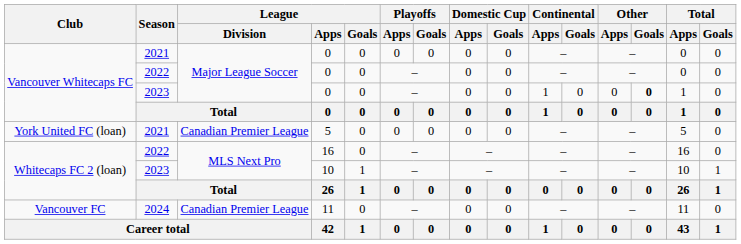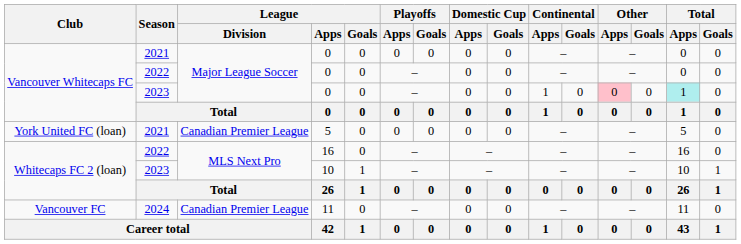 <table class="wikitable" style="text-align: center">
 <tr>
 <th rowspan="2">Club</th>
 <th rowspan="2">Season</th>
 <th colspan="3">League</th>
 <th colspan="2">Playoffs</th>
 <th colspan="2">Domestic Cup</th>
 <th colspan="2">Continental</th>
 <th colspan="2">Other</th>
 <th colspan="2">Total</th>
 </tr>
 <tr>
 <th>Division</th>
 <th>Apps</th>
 <th>Goals</th>
 <th>Apps</th>
 <th>Goals</th>
 <th>Apps</th>
 <th>Goals</th>
 <th>Apps</th>
 <th>Goals</th>
 <th>Apps</th>
 <th>Goals</th>
 <th>Apps</th>
 <th>Goals</th>
 </tr>
 <tr>
 <td rowspan=4><a href='#'>Vancouver Whitecaps FC</a></td>
 <td><a href='#'>2021</a></td>
 <td rowspan=3><a href='#'>Major League Soccer</a></td>
 <td>0</td>
 <td>0</td>
 <td>0</td>
 <td>0</td>
 <td>0</td>
 <td>0</td>
 <td colspan="2">–</td>
 <td colspan="2">–</td>
 <td>0</td>
 <td>0</td>
 </tr>
 <tr>
 <td><a href='#'>2022</a></td>
 <td>0</td>
 <td>0</td>
 <td colspan="2">–</td>
 <td>0</td>
 <td>0</td>
 <td colspan="2">–</td>
 <td colspan="2">–</td>
 <td>0</td>
 <td>0</td>
 </tr>
 <tr>
 <td><a href='#'>2023</a></td>
 <td>0</td>
 <td>0</td>
 <td colspan="2">–</td>
 <td>0</td>
 <td>0</td>
 <td>1</td>
 <td>0</td>
+<td style="background: pink;">0</td>
 <td>0</td>
-<td><strong>0</strong></td>
-<td>1</td>
+<td style="background: paleturquoise;">1</td>
 <td>0</td>
 </tr>
 <tr>
 <th colspan="2"><strong>Total</strong></th>
 <th>0</th>
 <th>0</th>
 <th>0</th>
 <th>0</th>
 <th>0</th>
 <th>0</th>
 <th>1</th>
 <th>0</th>
 <th>0</th>
 <th>0</th>
 <th>1</th>
 <th>0</th>
 </tr>
 <tr>
 <td><a href='#'>York United FC</a> (loan)</td>
 <td><a href='#'>2021</a></td>
 <td><a href='#'>Canadian Premier League</a></td>
 <td>5</td>
 <td>0</td>
 <td>0</td>
 <td>0</td>
 <td>0</td>
 <td>0</td>
 <td colspan="2">–</td>
 <td colspan="2">–</td>
 <td>5</td>
 <td>0</td>
 </tr>
 <tr>
 <td rowspan=3><a href='#'>Whitecaps FC 2</a> (loan)</td>
 <td><a href='#'>2022</a></td>
 <td rowspan=2><a href='#'>MLS Next Pro</a></td>
 <td>16</td>
 <td>0</td>
 <td colspan="2">–</td>
 <td colspan="2">–</td>
 <td colspan="2">–</td>
 <td colspan="2">–</td>
 <td>16</td>
 <td>0</td>
 </tr>
 <tr>
 <td><a href='#'>2023</a></td>
 <td>10</td>
 <td>1</td>
 <td colspan="2">–</td>
 <td colspan="2">–</td>
 <td colspan="2">–</td>
 <td colspan="2">–</td>
 <td>10</td>
 <td>1</td>
 </tr>
 <tr>
 <th colspan="2"><strong>Total</strong></th>
 <th>26</th>
 <th>1</th>
 <th>0</th>
 <th>0</th>
 <th>0</th>
 <th>0</th>
 <th>0</th>
 <th>0</th>
 <th>0</th>
 <th>0</th>
 <th>26</th>
 <th>1</th>
 </tr>
 <tr>
 <td><a href='#'>Vancouver FC</a></td>
 <td><a href='#'>2024</a></td>
 <td><a href='#'>Canadian Premier League</a></td>
 <td>11</td>
 <td>0</td>
 <td colspan="2">–</td>
 <td>0</td>
 <td>0</td>
 <td colspan="2">–</td>
 <td colspan="2">–</td>
 <td>11</td>
 <td>0</td>
 </tr>
 <tr>
 <th colspan="3"><strong>Career total</strong></th>
 <th>42</th>
 <th>1</th>
 <th>0</th>
 <th>0</th>
 <th>0</th>
 <th>0</th>
 <th>1</th>
 <th>0</th>
 <th>0</th>
 <th>0</th>
 <th>43</th>
 <th>1</th>
 </tr>
 </table>
